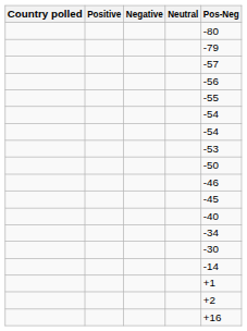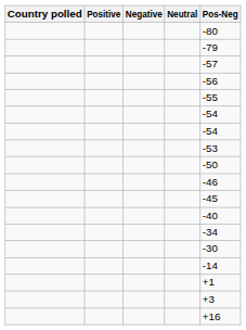 <table class="wikitable sortable" style="border:1px black; float:right; margin-left:1em;">
 <tr>
 <th>Country polled</th>
 <th><small>Positive</small></th>
 <th><small>Negative</small></th>
 <th><small>Neutral</small></th>
 <th><small>Pos-Neg</small></th>
 </tr>
 <tr>
 <td></td>
 <td></td>
 <td></td>
 <td></td>
 <td><span>-80</span></td>
 </tr>
 <tr>
 <td></td>
 <td></td>
 <td></td>
 <td></td>
 <td><span>-79</span></td>
 </tr>
 <tr>
 <td></td>
 <td></td>
 <td></td>
 <td></td>
 <td><span>-57</span></td>
 </tr>
 <tr>
 <td></td>
 <td></td>
 <td></td>
 <td></td>
 <td><span>-56</span></td>
 </tr>
 <tr>
 <td></td>
 <td></td>
 <td></td>
 <td></td>
 <td><span>-55</span></td>
 </tr>
 <tr>
 <td></td>
 <td></td>
 <td></td>
 <td></td>
 <td><span>-54</span></td>
 </tr>
 <tr>
 <td></td>
 <td></td>
 <td></td>
 <td></td>
 <td><span>-54</span></td>
 </tr>
 <tr>
 <td></td>
 <td></td>
 <td></td>
 <td></td>
 <td><span>-53</span></td>
 </tr>
 <tr>
 <td></td>
 <td></td>
 <td></td>
 <td></td>
 <td><span>-50</span></td>
 </tr>
 <tr>
 <td></td>
 <td></td>
 <td></td>
 <td></td>
 <td><span>-46</span></td>
 </tr>
 <tr>
 <td></td>
 <td></td>
 <td></td>
 <td></td>
 <td><span>-45</span></td>
 </tr>
 <tr>
 <td></td>
 <td></td>
 <td></td>
 <td></td>
 <td><span>-40</span></td>
 </tr>
 <tr>
 <td></td>
 <td></td>
 <td></td>
 <td></td>
 <td><span>-34</span></td>
 </tr>
 <tr>
 <td></td>
 <td></td>
 <td></td>
 <td></td>
 <td><span>-30</span></td>
 </tr>
 <tr>
 <td></td>
 <td></td>
 <td></td>
 <td></td>
 <td><span>-14</span></td>
 </tr>
 <tr>
 <td></td>
 <td></td>
 <td></td>
 <td></td>
 <td><span>+1</span></td>
 </tr>
 <tr>
 <td></td>
 <td></td>
 <td></td>
 <td></td>
-<td><span>+2</span></td>
+<td><span>+3</span></td>
 </tr>
 <tr>
 <td></td>
 <td></td>
 <td></td>
 <td></td>
 <td><span>+16</span></td>
 </tr>
 </table>
